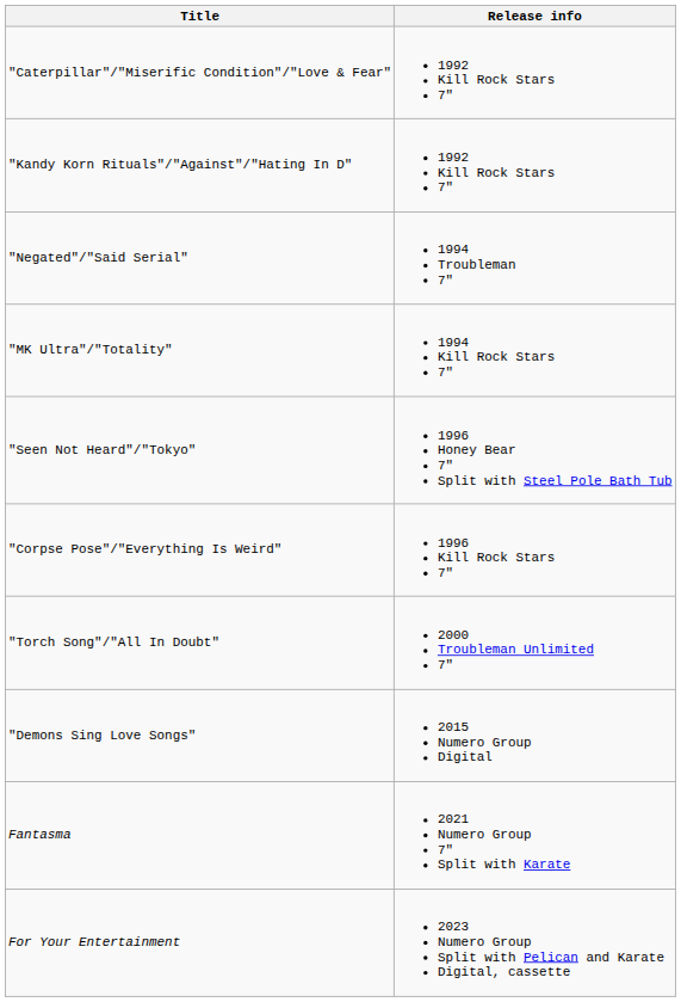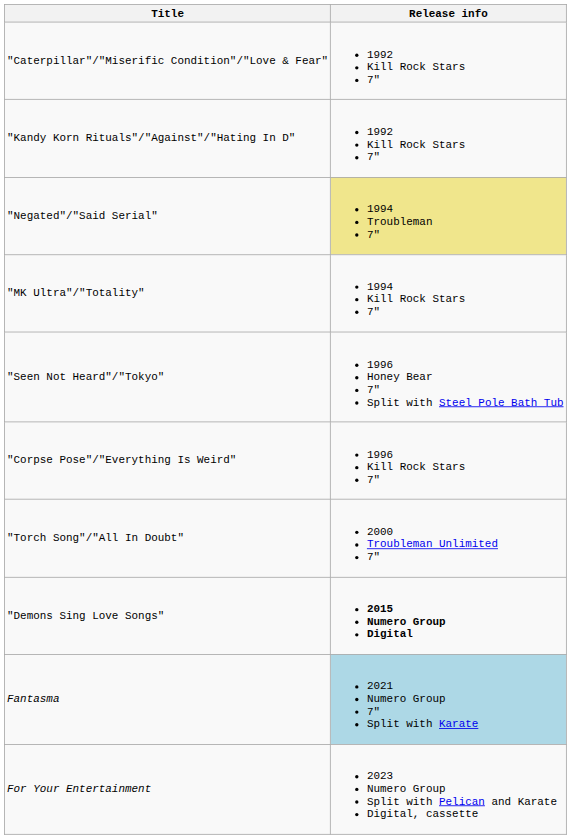 <table class="wikitable">
 <tr>
 <th>Title</th>
 <th>Release info</th>
 </tr>
 <tr>
 <td>"Caterpillar"/"Miserific Condition"/"Love & Fear"</td>
 <td><br><ul><li>1992</li><li>Kill Rock Stars</li><li>7"</li></ul></td>
 </tr>
 <tr>
 <td>"Kandy Korn Rituals"/"Against"/"Hating In D"</td>
 <td><br><ul><li>1992</li><li>Kill Rock Stars</li><li>7"</li></ul></td>
 </tr>
 <tr>
 <td>"Negated"/"Said Serial"</td>
-<td><br><ul><li>1994</li><li>Troubleman</li><li>7"</li></ul></td>
+<td style="background: khaki;"><br><ul><li>1994</li><li>Troubleman</li><li>7"</li></ul></td>
 </tr>
 <tr>
 <td>"MK Ultra"/"Totality"</td>
 <td><br><ul><li>1994</li><li>Kill Rock Stars</li><li>7"</li></ul></td>
 </tr>
 <tr>
 <td>"Seen Not Heard"/"Tokyo"</td>
 <td><br><ul><li>1996</li><li>Honey Bear</li><li>7"</li><li>Split with <a href='#'>Steel Pole Bath Tub</a></li></ul></td>
 </tr>
 <tr>
 <td>"Corpse Pose"/"Everything Is Weird"</td>
 <td><br><ul><li>1996</li><li>Kill Rock Stars</li><li>7"</li></ul></td>
 </tr>
 <tr>
 <td>"Torch Song"/"All In Doubt"</td>
 <td><br><ul><li>2000</li><li><a href='#'>Troubleman Unlimited</a></li><li>7"</li></ul></td>
 </tr>
 <tr>
 <td>"Demons Sing Love Songs"</td>
-<td><br><ul><li>2015</li><li>Numero Group</li><li>Digital</li></ul></td>
+<td><strong><br><ul><li>2015</li><li>Numero Group</li><li>Digital</li></ul></strong></td>
 </tr>
 <tr>
 <td><em>Fantasma</em></td>
-<td><br><ul><li>2021</li><li>Numero Group</li><li>7"</li><li>Split with <a href='#'>Karate</a></li></ul></td>
+<td style="background: lightblue;"><br><ul><li>2021</li><li>Numero Group</li><li>7"</li><li>Split with <a href='#'>Karate</a></li></ul></td>
 </tr>
 <tr>
 <td><em>For Your Entertainment</em></td>
 <td><br><ul><li>2023</li><li>Numero Group</li><li>Split with <a href='#'>Pelican</a> and Karate</li><li>Digital, cassette</li></ul></td>
 </tr>
 </table>
